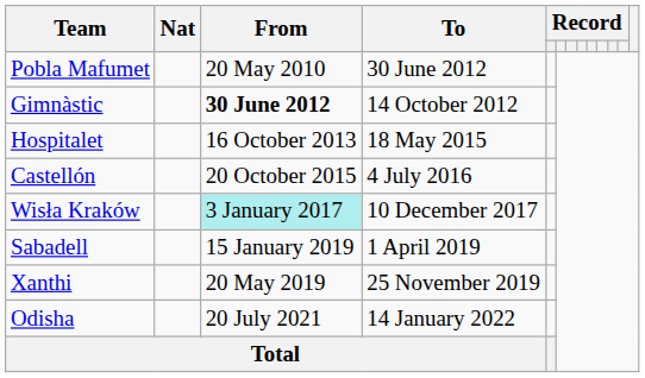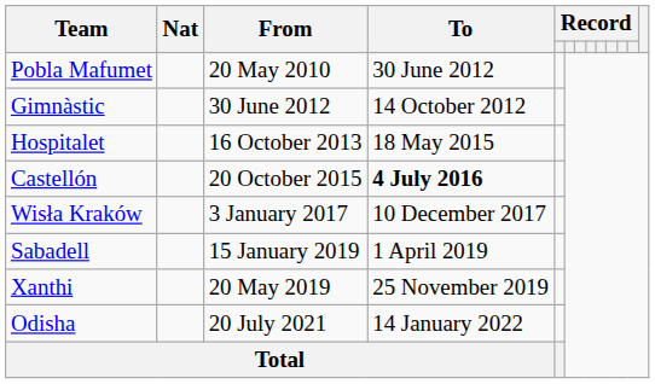 <table class="wikitable" style="text-align:center">
 <tr>
 <th rowspan="2">Team</th>
 <th rowspan="2">Nat</th>
 <th rowspan="2">From</th>
 <th rowspan="2">To</th>
 <th colspan="8">Record</th>
 <th rowspan=2></th>
 </tr>
 <tr>
 <th></th>
 <th></th>
 <th></th>
 <th></th>
 <th></th>
 <th></th>
 <th></th>
 <th></th>
 </tr>
 <tr>
 <td align="left"><a href='#'>Pobla Mafumet</a></td>
 <td></td>
 <td align=left>20 May 2010</td>
 <td align=left>30 June 2012<br></td>
 <td></td>
 </tr>
 <tr>
 <td align="left"><a href='#'>Gimnàstic</a></td>
 <td></td>
-<td align=left><strong>30 June 2012</strong></td>
+<td align=left>30 June 2012</td>
 <td align=left>14 October 2012<br></td>
 <td></td>
 </tr>
 <tr>
 <td align="left"><a href='#'>Hospitalet</a></td>
 <td></td>
 <td align=left>16 October 2013</td>
 <td align=left>18 May 2015<br></td>
 <td></td>
 </tr>
 <tr>
 <td align="left"><a href='#'>Castellón</a></td>
 <td></td>
 <td align=left>20 October 2015</td>
-<td align=left>4 July 2016<br></td>
+<td align=left><strong>4 July 2016<br></strong></td>
 <td></td>
 </tr>
 <tr>
 <td align="left"><a href='#'>Wisła Kraków</a></td>
 <td></td>
-<td align=left style="background: paleturquoise;">3 January 2017</td>
+<td align=left>3 January 2017</td>
 <td align=left>10 December 2017<br></td>
 <td></td>
 </tr>
 <tr>
 <td align="left"><a href='#'>Sabadell</a></td>
 <td></td>
 <td align=left>15 January 2019</td>
 <td align=left>1 April 2019<br></td>
 <td></td>
 </tr>
 <tr>
 <td align="left"><a href='#'>Xanthi</a></td>
 <td></td>
 <td align=left>20 May 2019</td>
 <td align=left>25 November 2019<br></td>
 <td></td>
 </tr>
 <tr>
 <td align="left"><a href='#'>Odisha</a></td>
 <td></td>
 <td align=left>20 July 2021</td>
 <td align=left>14 January 2022<br></td>
 <td></td>
 </tr>
 <tr>
 <th colspan="4">Total<br></th>
 <th></th>
 </tr>
 </table>
